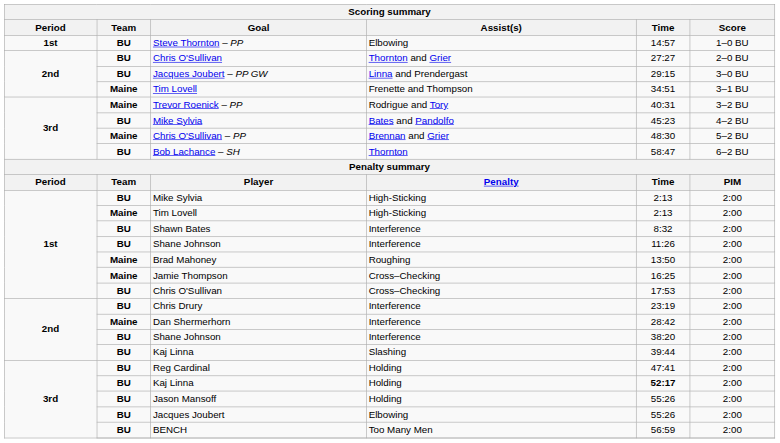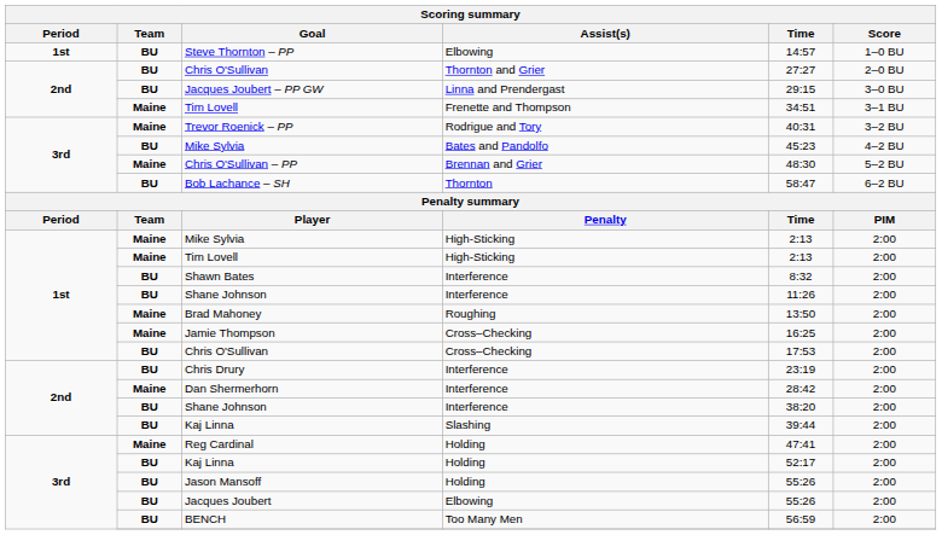 <table style="width:100%;" class="wikitable">
 <tr>
 <th colspan=6>Scoring summary</th>
 </tr>
 <tr>
 <th style="width:12%;">Period</th>
 <th style="width:7%;">Team</th>
 <th style="width:28%;">Goal</th>
 <th style="width:35%;">Assist(s)</th>
 <th style="width:7%;">Time</th>
 <th style="width:11%;">Score</th>
 </tr>
 <tr>
 <td style="text-align:center;" rowspan="1"><strong>1st</strong></td>
 <td align=center><strong>BU</strong></td>
 <td><a href='#'>Steve Thornton</a> – <em>PP</em></td>
 <td>Elbowing</td>
 <td align=center>14:57</td>
 <td align=center>1–0 BU</td>
 </tr>
 <tr>
 <td style="text-align:center;" rowspan="3"><strong>2nd</strong></td>
 <td align=center><strong>BU</strong></td>
 <td><a href='#'>Chris O'Sullivan</a></td>
 <td><a href='#'>Thornton</a> and <a href='#'>Grier</a></td>
 <td align=center>27:27</td>
 <td align=center>2–0 BU</td>
 </tr>
 <tr>
 <td align=center><strong>BU</strong></td>
 <td><a href='#'>Jacques Joubert</a> – <em>PP GW</em></td>
 <td><a href='#'>Linna</a> and Prendergast</td>
 <td align=center>29:15</td>
 <td align=center>3–0 BU</td>
 </tr>
 <tr>
 <td align=center><strong>Maine</strong></td>
 <td><a href='#'>Tim Lovell</a></td>
 <td>Frenette and Thompson</td>
 <td align=center>34:51</td>
 <td align=center>3–1 BU</td>
 </tr>
 <tr>
 <td style="text-align:center;" rowspan="4"><strong>3rd</strong></td>
 <td align=center><strong>Maine</strong></td>
 <td><a href='#'>Trevor Roenick</a> – <em>PP</em></td>
 <td>Rodrigue and <a href='#'>Tory</a></td>
 <td align=center>40:31</td>
 <td align=center>3–2 BU</td>
 </tr>
 <tr>
 <td align=center><strong>BU</strong></td>
 <td><a href='#'>Mike Sylvia</a></td>
 <td><a href='#'>Bates</a> and <a href='#'>Pandolfo</a></td>
 <td align=center>45:23</td>
 <td align=center>4–2 BU</td>
 </tr>
 <tr>
 <td align=center><strong>Maine</strong></td>
 <td><a href='#'>Chris O'Sullivan</a> – <em>PP</em></td>
 <td><a href='#'>Brennan</a> and <a href='#'>Grier</a></td>
 <td align=center>48:30</td>
 <td align=center>5–2 BU</td>
 </tr>
 <tr>
 <td align=center><strong>BU</strong></td>
 <td><a href='#'>Bob Lachance</a> – <em>SH</em></td>
 <td><a href='#'>Thornton</a></td>
 <td align=center>58:47</td>
 <td align=center>6–2 BU</td>
 </tr>
 <tr>
 <th colspan=6>Penalty summary</th>
 </tr>
 <tr>
 <th style="width:12%;">Period</th>
 <th style="width:7%;">Team</th>
 <th style="width:28%;">Player</th>
 <th style="width:35%;"><a href='#'>Penalty</a></th>
 <th style="width:7%;">Time</th>
 <th style="width:11%;">PIM</th>
 </tr>
 <tr>
 <td style="text-align:center;" rowspan="7"><strong>1st</strong></td>
-<td align=center><strong>BU</strong></td>
+<td align=center><strong>Maine</strong></td>
 <td>Mike Sylvia</td>
 <td>High-Sticking</td>
 <td align=center>2:13</td>
 <td align=center>2:00</td>
 </tr>
 <tr>
 <td align=center><strong>Maine</strong></td>
 <td>Tim Lovell</td>
 <td>High-Sticking</td>
 <td align=center>2:13</td>
 <td align=center>2:00</td>
 </tr>
 <tr>
 <td align=center><strong>BU</strong></td>
 <td>Shawn Bates</td>
 <td>Interference</td>
 <td align=center>8:32</td>
 <td align=center>2:00</td>
 </tr>
 <tr>
 <td align=center><strong>BU</strong></td>
 <td>Shane Johnson</td>
 <td>Interference</td>
 <td align=center>11:26</td>
 <td align=center>2:00</td>
 </tr>
 <tr>
 <td align=center><strong>Maine</strong></td>
 <td>Brad Mahoney</td>
 <td>Roughing</td>
 <td align=center>13:50</td>
 <td align=center>2:00</td>
 </tr>
 <tr>
 <td align=center><strong>Maine</strong></td>
 <td>Jamie Thompson</td>
 <td>Cross–Checking</td>
 <td align=center>16:25</td>
 <td align=center>2:00</td>
 </tr>
 <tr>
 <td align=center><strong>BU</strong></td>
 <td>Chris O'Sullivan</td>
 <td>Cross–Checking</td>
 <td align=center>17:53</td>
 <td align=center>2:00</td>
 </tr>
 <tr>
 <td style="text-align:center;" rowspan="4"><strong>2nd</strong></td>
 <td align=center><strong>BU</strong></td>
 <td>Chris Drury</td>
 <td>Interference</td>
 <td align=center>23:19</td>
 <td align=center>2:00</td>
 </tr>
 <tr>
 <td align=center><strong>Maine</strong></td>
 <td>Dan Shermerhorn</td>
 <td>Interference</td>
 <td align=center>28:42</td>
 <td align=center>2:00</td>
 </tr>
 <tr>
 <td align=center><strong>BU</strong></td>
 <td>Shane Johnson</td>
 <td>Interference</td>
 <td align=center>38:20</td>
 <td align=center>2:00</td>
 </tr>
 <tr>
 <td align=center><strong>BU</strong></td>
 <td>Kaj Linna</td>
 <td>Slashing</td>
 <td align=center>39:44</td>
 <td align=center>2:00</td>
 </tr>
 <tr>
 <td style="text-align:center;" rowspan="6"><strong>3rd</strong></td>
-<td align=center><strong>BU</strong></td>
+<td align=center><strong>Maine</strong></td>
 <td>Reg Cardinal</td>
 <td>Holding</td>
 <td align=center>47:41</td>
 <td align=center>2:00</td>
 </tr>
 <tr>
 <td align=center><strong>BU</strong></td>
 <td>Kaj Linna</td>
 <td>Holding</td>
-<td align=center><strong>52:17</strong></td>
+<td align=center>52:17</td>
 <td align=center>2:00</td>
 </tr>
 <tr>
 <td align=center><strong>BU</strong></td>
 <td>Jason Mansoff</td>
 <td>Holding</td>
 <td align=center>55:26</td>
 <td align=center>2:00</td>
 </tr>
 <tr>
 <td align=center><strong>BU</strong></td>
 <td>Jacques Joubert</td>
 <td>Elbowing</td>
 <td align=center>55:26</td>
 <td align=center>2:00</td>
 </tr>
 <tr>
 <td align=center><strong>BU</strong></td>
 <td>BENCH</td>
 <td>Too Many Men</td>
 <td align=center>56:59</td>
 <td align=center>2:00</td>
 </tr>
 <tr>
 </tr>
 </table>
